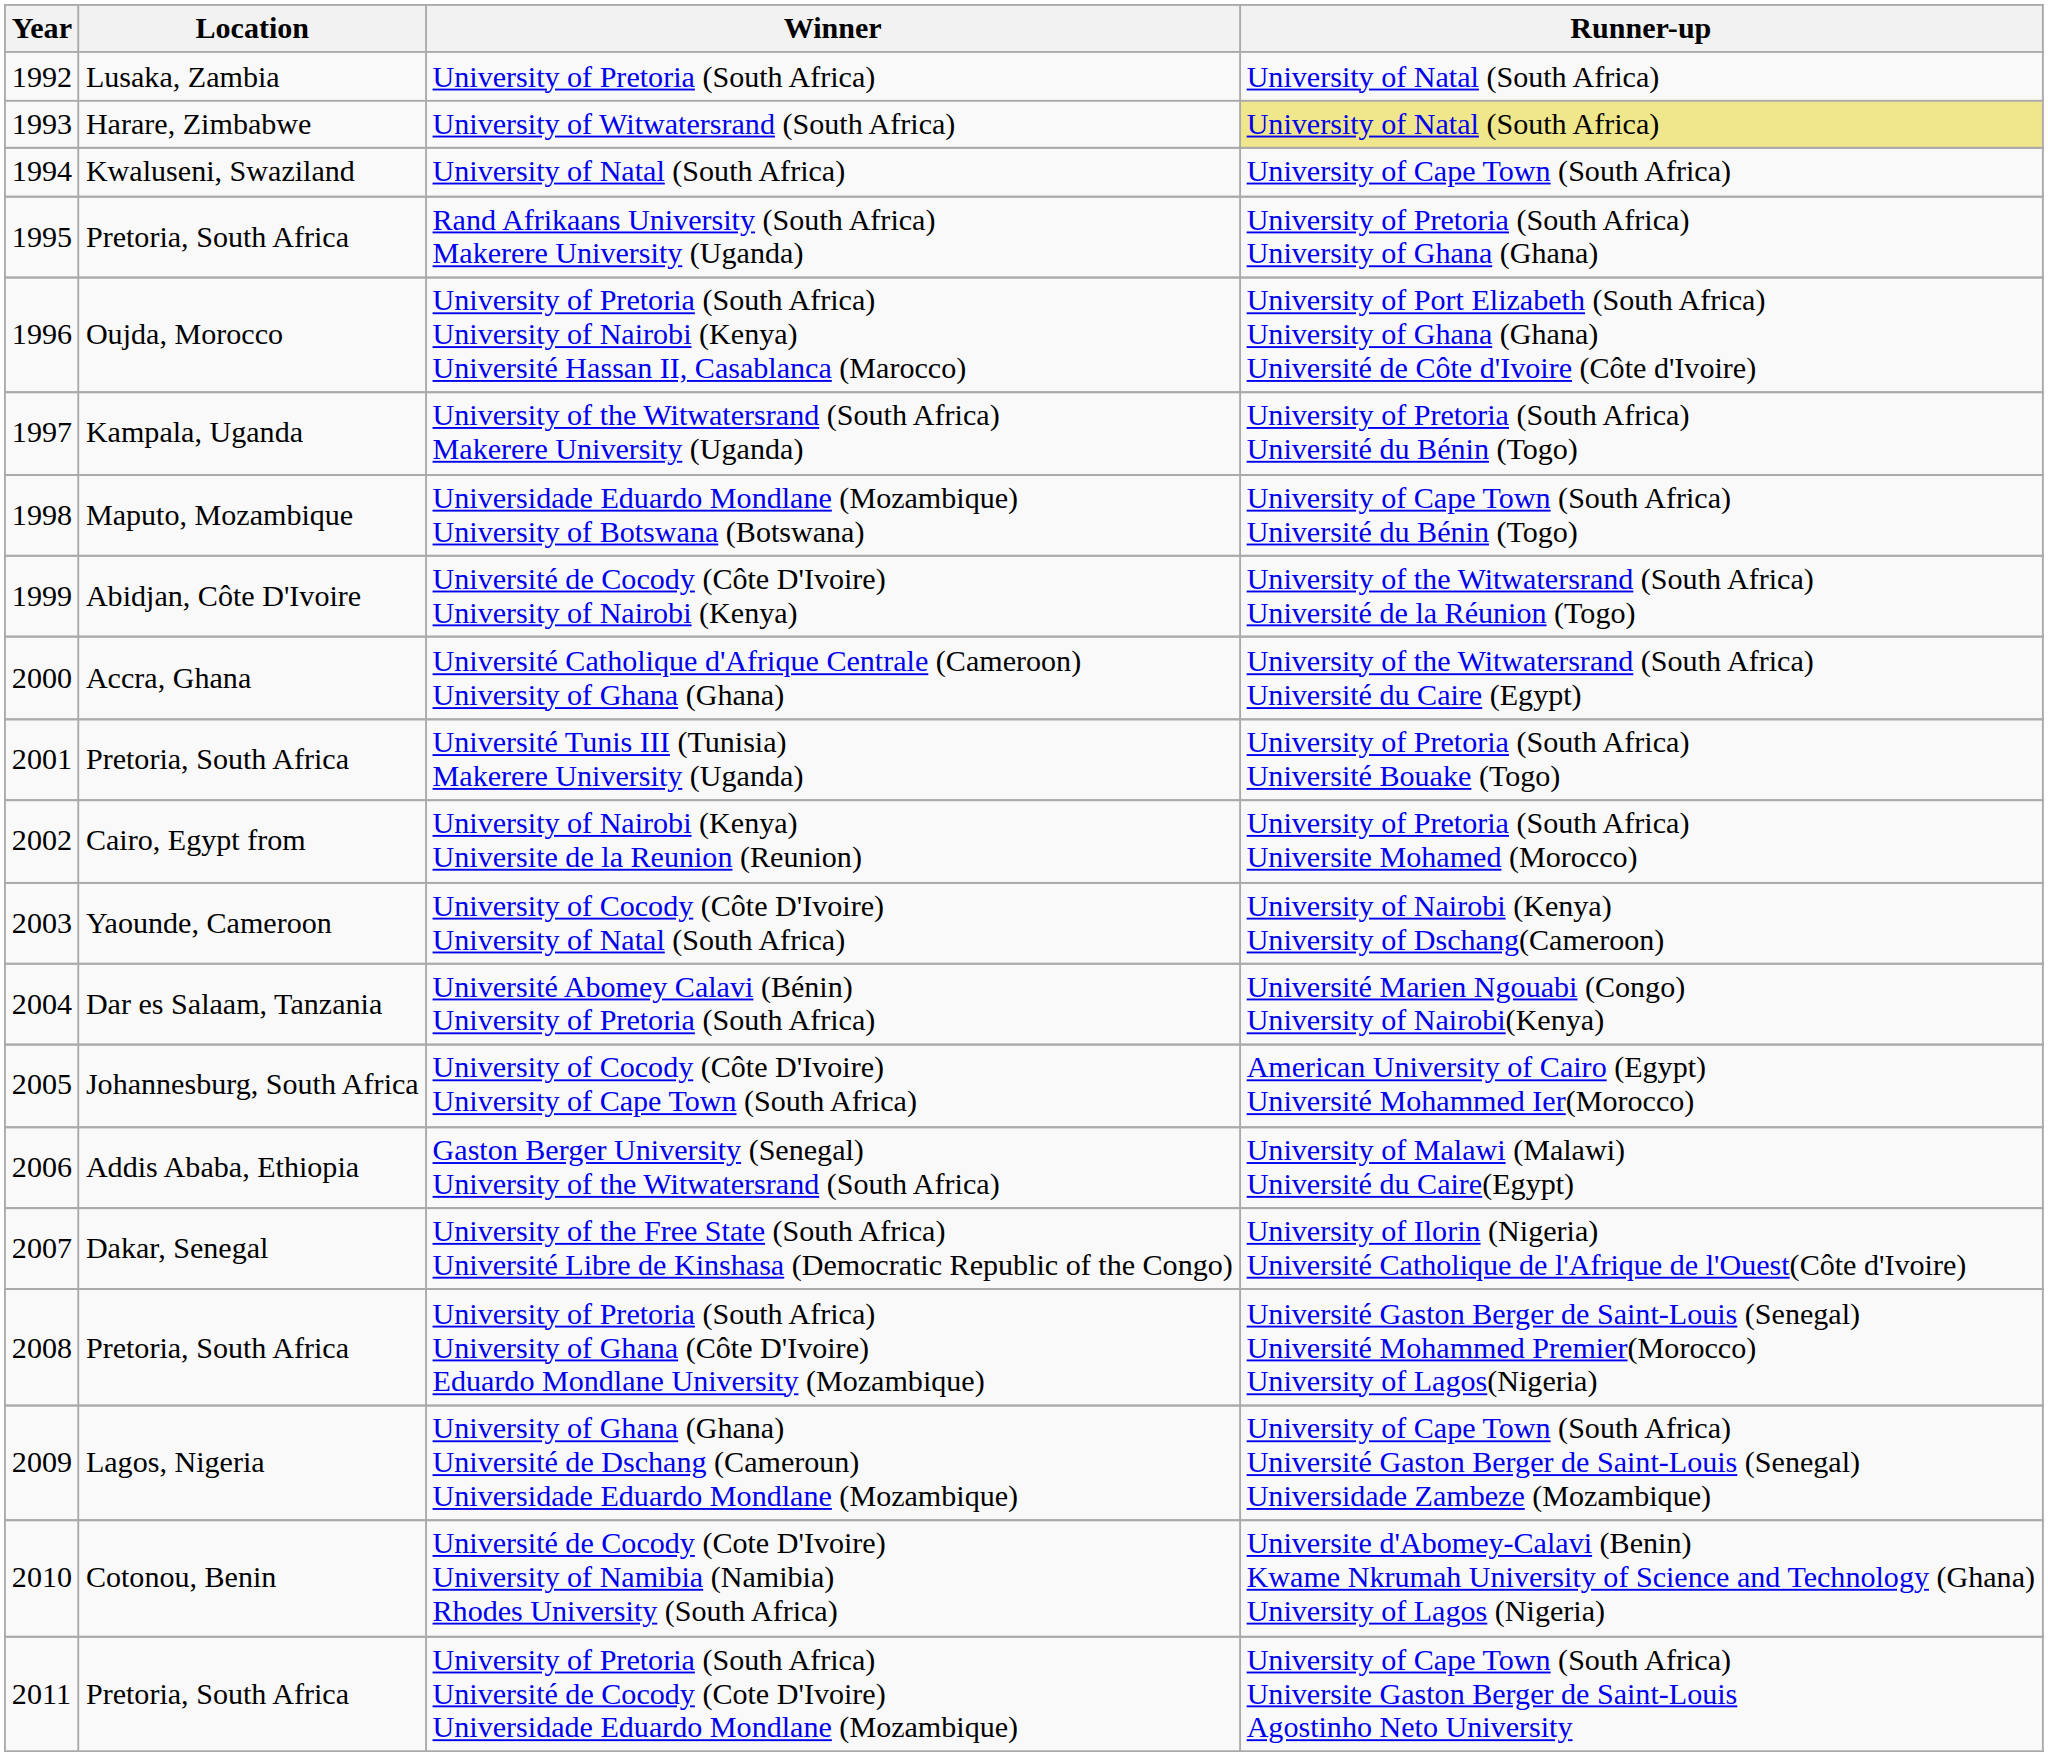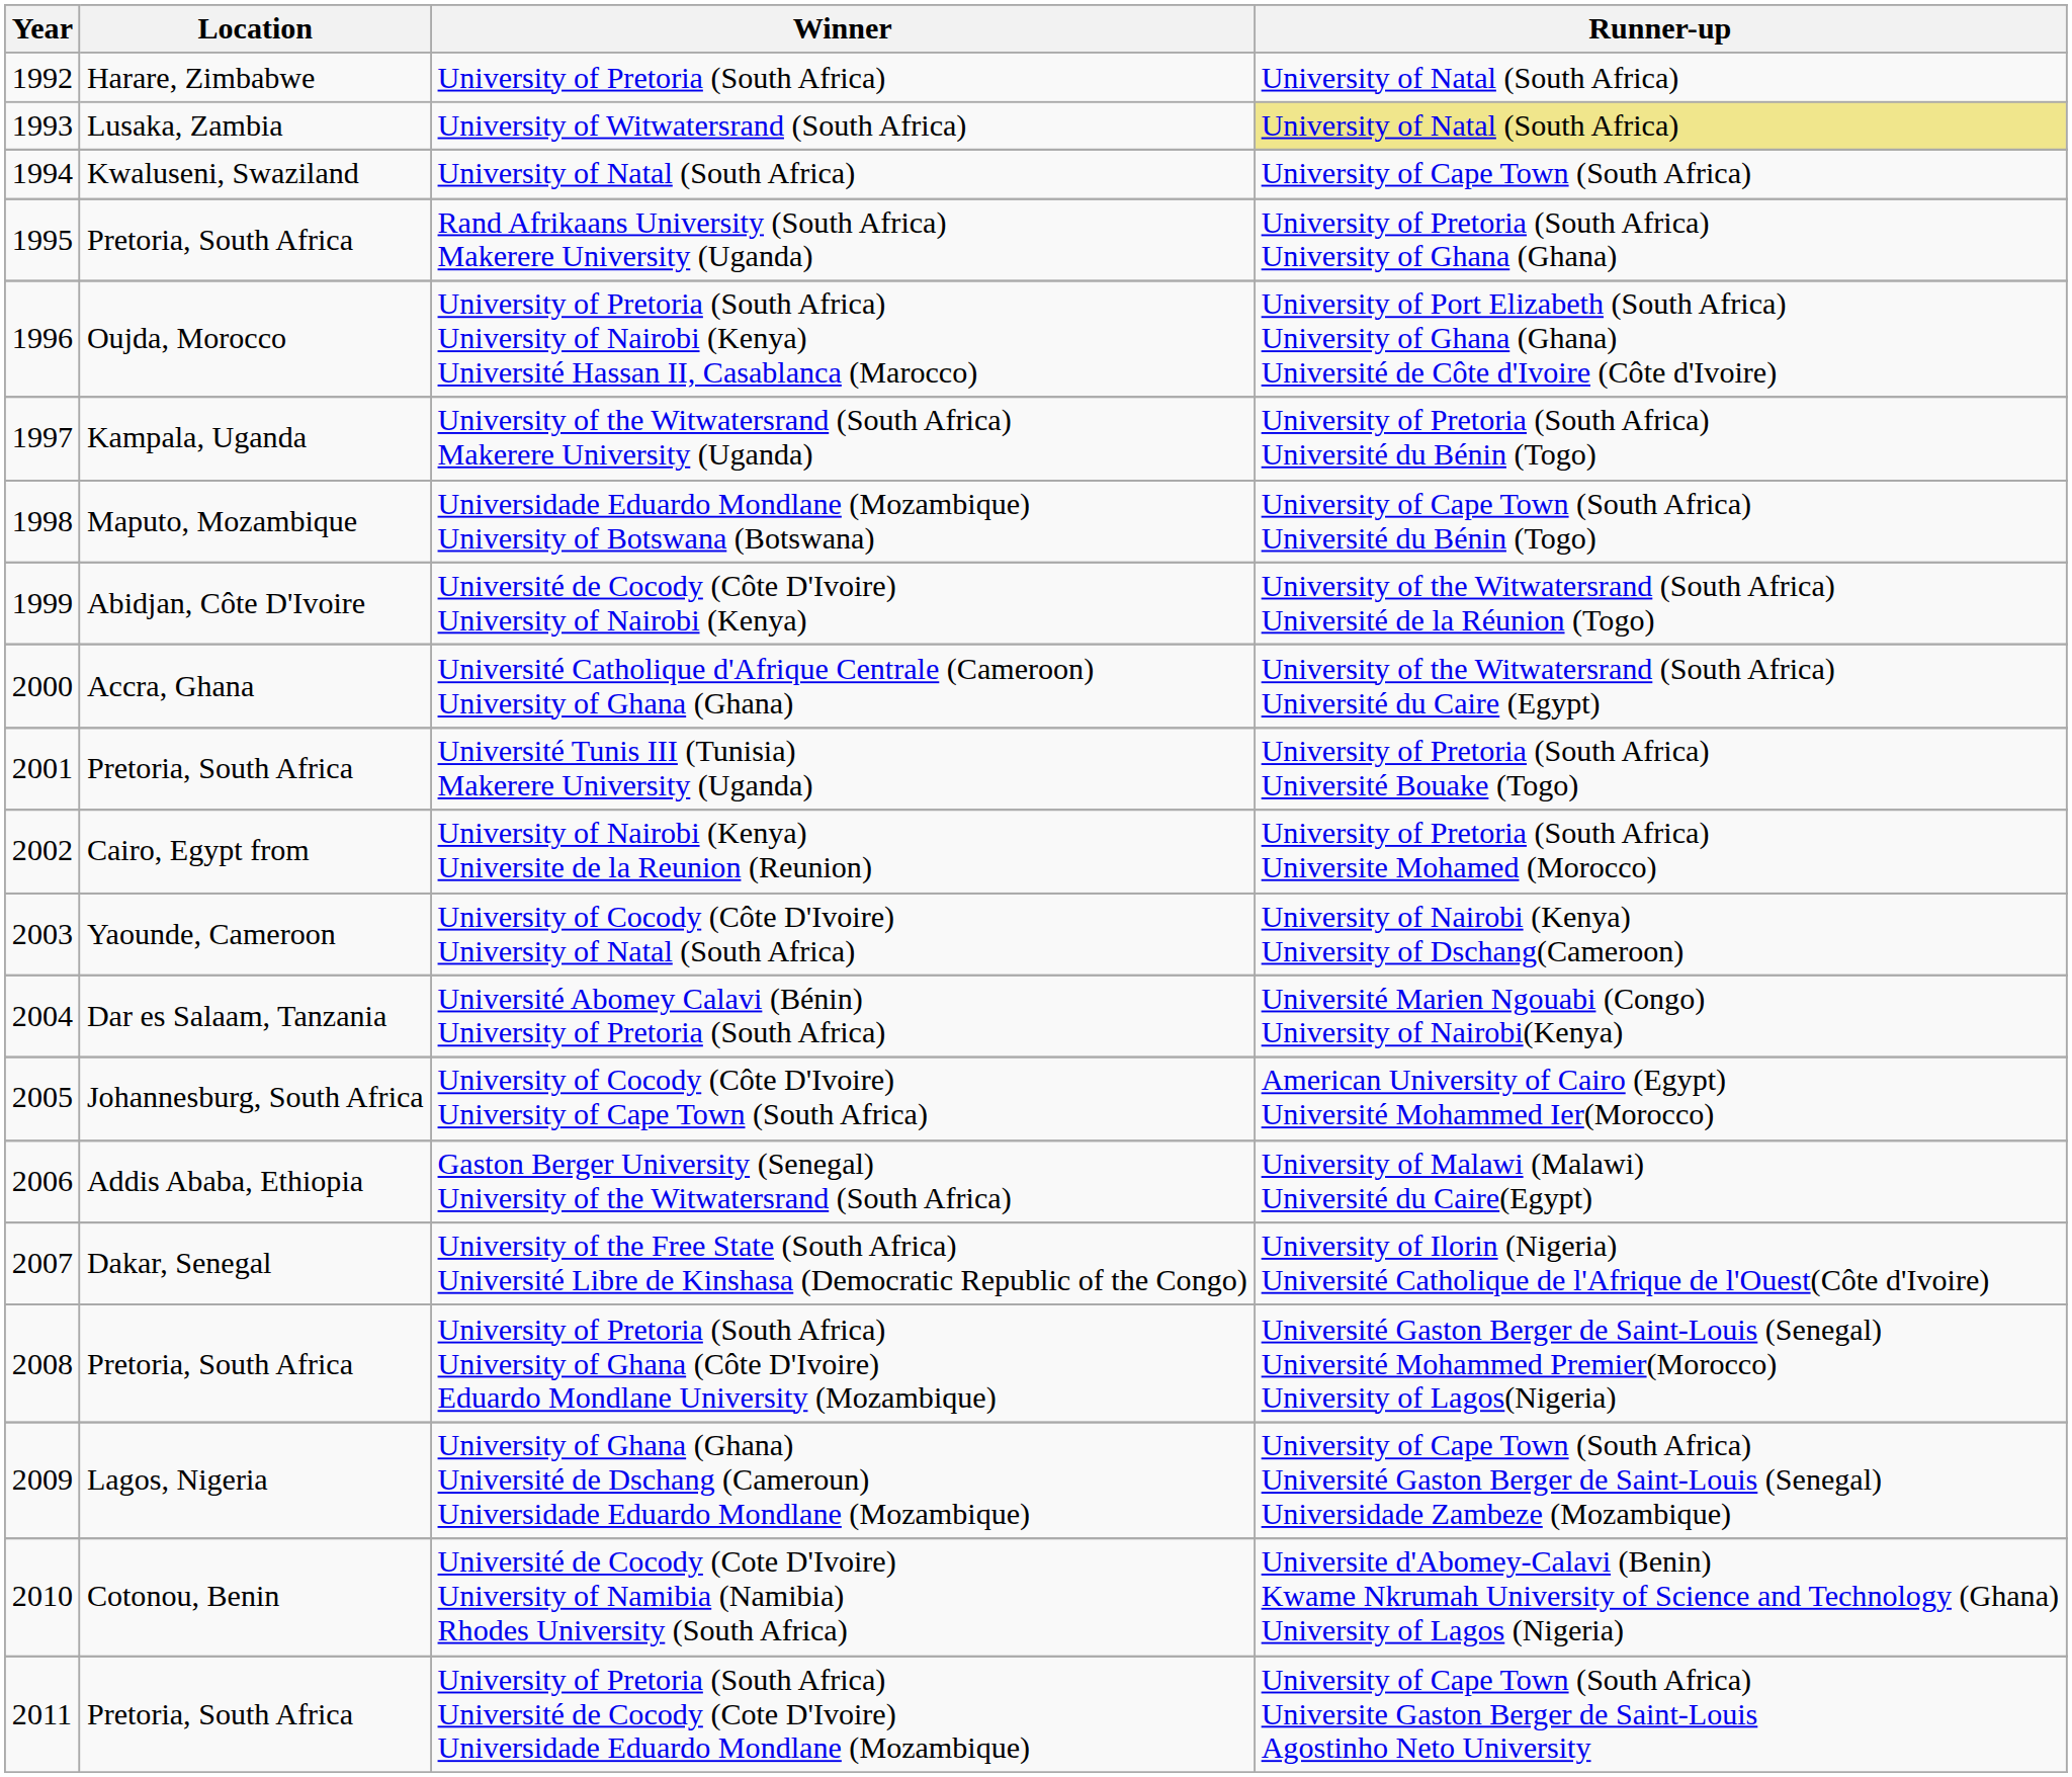 <table class="wikitable">
 <tr>
 <th>Year</th>
 <th>Location</th>
 <th>Winner</th>
 <th>Runner-up</th>
 </tr>
 <tr>
 <td>1992</td>
-<td>Lusaka, Zambia</td>
+<td>Harare, Zimbabwe</td>
 <td><a href='#'>University of Pretoria</a> (South Africa)</td>
 <td><a href='#'>University of Natal</a> (South Africa)</td>
 </tr>
 <tr>
 <td>1993</td>
-<td>Harare, Zimbabwe</td>
+<td>Lusaka, Zambia</td>
 <td><a href='#'>University of Witwatersrand</a> (South Africa)</td>
 <td style="background: khaki;"><a href='#'>University of Natal</a> (South Africa)</td>
 </tr>
 <tr>
 </tr>
 <tr>
 <td>1994</td>
 <td>Kwaluseni, Swaziland</td>
 <td><a href='#'>University of Natal</a> (South Africa)</td>
 <td><a href='#'>University of Cape Town</a> (South Africa)</td>
 </tr>
 <tr>
 </tr>
 <tr>
 <td>1995</td>
 <td>Pretoria, South Africa</td>
 <td><a href='#'>Rand Afrikaans University</a> (South Africa)<br><a href='#'>Makerere University</a> (Uganda)</td>
 <td><a href='#'>University of Pretoria</a> (South Africa)<br><a href='#'>University of Ghana</a> (Ghana)</td>
 </tr>
 <tr>
 </tr>
 <tr>
 <td>1996</td>
 <td>Oujda, Morocco</td>
 <td><a href='#'>University of Pretoria</a> (South Africa)<br><a href='#'>University of Nairobi</a> (Kenya)<br><a href='#'>Université Hassan II, Casablanca</a> (Marocco)</td>
 <td><a href='#'>University of Port Elizabeth</a> (South Africa)<br><a href='#'>University of Ghana</a> (Ghana)<br><a href='#'>Université de Côte d'Ivoire</a> (Côte d'Ivoire)</td>
 </tr>
 <tr>
 </tr>
 <tr>
 <td>1997</td>
 <td>Kampala, Uganda</td>
 <td><a href='#'>University of the Witwatersrand</a> (South Africa)<br><a href='#'>Makerere University</a> (Uganda)</td>
 <td><a href='#'>University of Pretoria</a> (South Africa)<br><a href='#'>Université du Bénin</a> (Togo)</td>
 </tr>
 <tr>
 </tr>
 <tr>
 <td>1998</td>
 <td>Maputo, Mozambique</td>
 <td><a href='#'>Universidade Eduardo Mondlane</a> (Mozambique)<br><a href='#'>University of Botswana</a> (Botswana)</td>
 <td><a href='#'>University of Cape Town</a> (South Africa)<br><a href='#'>Université du Bénin</a> (Togo)</td>
 </tr>
 <tr>
 </tr>
 <tr>
 <td>1999</td>
 <td>Abidjan, Côte D'Ivoire</td>
 <td><a href='#'>Université de Cocody</a> (Côte D'Ivoire)<br><a href='#'>University of Nairobi</a> (Kenya)</td>
 <td><a href='#'>University of the Witwatersrand</a> (South Africa)<br><a href='#'>Université de la Réunion</a> (Togo)</td>
 </tr>
 <tr>
 </tr>
 <tr>
 <td>2000</td>
 <td>Accra, Ghana</td>
 <td><a href='#'>Université Catholique d'Afrique Centrale</a> (Cameroon)<br><a href='#'>University of Ghana</a> (Ghana)</td>
 <td><a href='#'>University of the Witwatersrand</a> (South Africa)<br><a href='#'>Université du Caire</a> (Egypt)</td>
 </tr>
 <tr>
 </tr>
 <tr>
 <td>2001</td>
 <td>Pretoria, South Africa</td>
 <td><a href='#'>Université Tunis III</a> (Tunisia)<br><a href='#'>Makerere University</a> (Uganda)</td>
 <td><a href='#'>University of Pretoria</a> (South Africa)<br><a href='#'>Université Bouake</a> (Togo)</td>
 </tr>
 <tr>
 </tr>
 <tr>
 <td>2002</td>
 <td>Cairo, Egypt from</td>
 <td><a href='#'>University of Nairobi</a> (Kenya)<br><a href='#'>Universite de la Reunion</a> (Reunion)</td>
 <td><a href='#'>University of Pretoria</a> (South Africa)<br><a href='#'>Universite Mohamed</a> (Morocco)</td>
 </tr>
 <tr>
 </tr>
 <tr>
 <td>2003</td>
 <td>Yaounde, Cameroon</td>
 <td><a href='#'>University of Cocody</a> (Côte D'Ivoire)<br><a href='#'>University of Natal</a> (South Africa)</td>
 <td><a href='#'>University of Nairobi</a> (Kenya)<br><a href='#'>University of Dschang</a>(Cameroon)</td>
 </tr>
 <tr>
 </tr>
 <tr>
 <td>2004</td>
 <td>Dar es Salaam, Tanzania</td>
 <td><a href='#'>Université Abomey Calavi</a> (Bénin)<br><a href='#'>University of Pretoria</a> (South Africa)</td>
 <td><a href='#'>Université Marien Ngouabi</a> (Congo)<br><a href='#'>University of Nairobi</a>(Kenya)</td>
 </tr>
 <tr>
 </tr>
 <tr>
 <td>2005</td>
 <td>Johannesburg, South Africa</td>
 <td><a href='#'>University of Cocody</a> (Côte D'Ivoire)<br><a href='#'>University of Cape Town</a> (South Africa)</td>
 <td><a href='#'>American University of Cairo</a> (Egypt)<br><a href='#'>Université Mohammed Ier</a>(Morocco)</td>
 </tr>
 <tr>
 </tr>
 <tr>
 <td>2006</td>
 <td>Addis Ababa, Ethiopia</td>
 <td><a href='#'>Gaston Berger University</a> (Senegal)<br><a href='#'>University of the Witwatersrand</a> (South Africa)</td>
 <td><a href='#'>University of Malawi</a> (Malawi)<br><a href='#'>Université du Caire</a>(Egypt)</td>
 </tr>
 <tr>
 </tr>
 <tr>
 <td>2007</td>
 <td>Dakar, Senegal</td>
 <td><a href='#'>University of the Free State</a> (South Africa)<br><a href='#'>Université Libre de Kinshasa</a> (Democratic Republic of the Congo)</td>
 <td><a href='#'>University of Ilorin</a> (Nigeria)<br><a href='#'>Université Catholique de l'Afrique de l'Ouest</a>(Côte d'Ivoire)</td>
 </tr>
 <tr>
 </tr>
 <tr>
 <td>2008</td>
 <td>Pretoria, South Africa</td>
 <td><a href='#'>University of Pretoria</a> (South Africa)<br><a href='#'>University of Ghana</a> (Côte D'Ivoire)<br><a href='#'>Eduardo Mondlane University</a> (Mozambique)</td>
 <td><a href='#'>Université Gaston Berger de Saint-Louis</a> (Senegal)<br><a href='#'>Université Mohammed Premier</a>(Morocco)<br><a href='#'>University of Lagos</a>(Nigeria)</td>
 </tr>
 <tr>
 </tr>
 <tr>
 <td>2009</td>
 <td>Lagos, Nigeria</td>
 <td><a href='#'>University of Ghana</a> (Ghana)<br><a href='#'>Université de Dschang</a> (Cameroun)<br><a href='#'>Universidade Eduardo Mondlane</a> (Mozambique)</td>
 <td><a href='#'>University of Cape Town</a> (South Africa)<br><a href='#'>Université Gaston Berger de Saint-Louis</a> (Senegal)<br><a href='#'>Universidade Zambeze</a> (Mozambique)</td>
 </tr>
 <tr>
 </tr>
 <tr>
 <td>2010</td>
 <td>Cotonou, Benin</td>
 <td><a href='#'>Université de Cocody</a> (Cote D'Ivoire)<br><a href='#'>University of Namibia</a> (Namibia)<br><a href='#'>Rhodes University</a> (South Africa)</td>
 <td><a href='#'>Universite d'Abomey-Calavi</a> (Benin)<br><a href='#'>Kwame Nkrumah University of Science and Technology</a> (Ghana)<br><a href='#'>University of Lagos</a> (Nigeria)</td>
 </tr>
 <tr>
 </tr>
 <tr>
 <td>2011</td>
 <td>Pretoria, South Africa</td>
 <td><a href='#'>University of Pretoria</a> (South Africa)<br><a href='#'>Université de Cocody</a> (Cote D'Ivoire)<br><a href='#'>Universidade Eduardo Mondlane</a> (Mozambique)</td>
 <td><a href='#'>University of Cape Town</a> (South Africa)<br><a href='#'>Universite Gaston Berger de Saint-Louis</a><br><a href='#'>Agostinho Neto University</a></td>
 </tr>
 <tr>
 </tr>
 </table>
